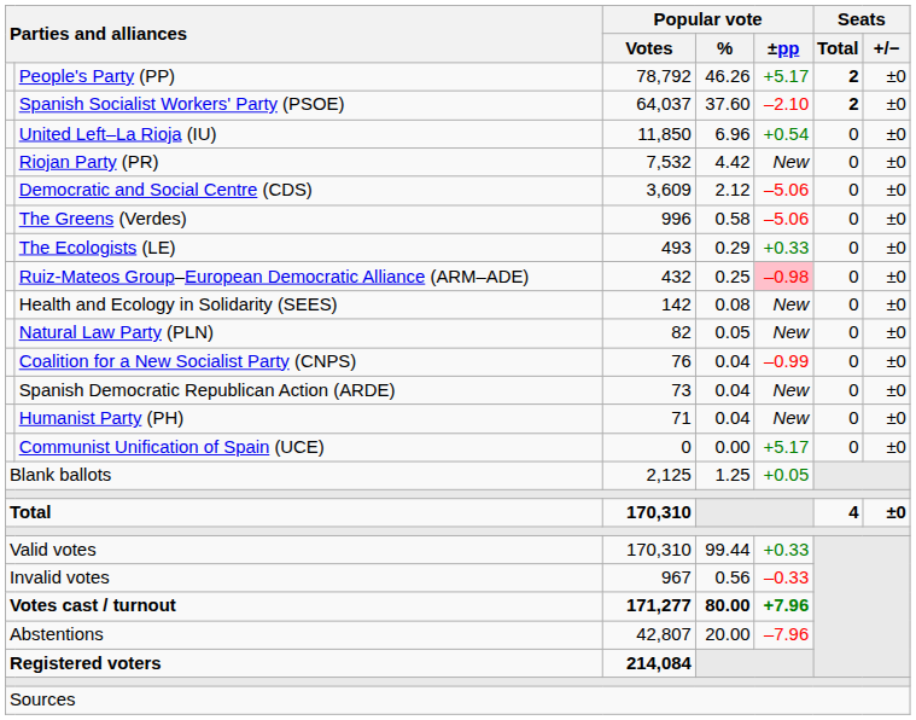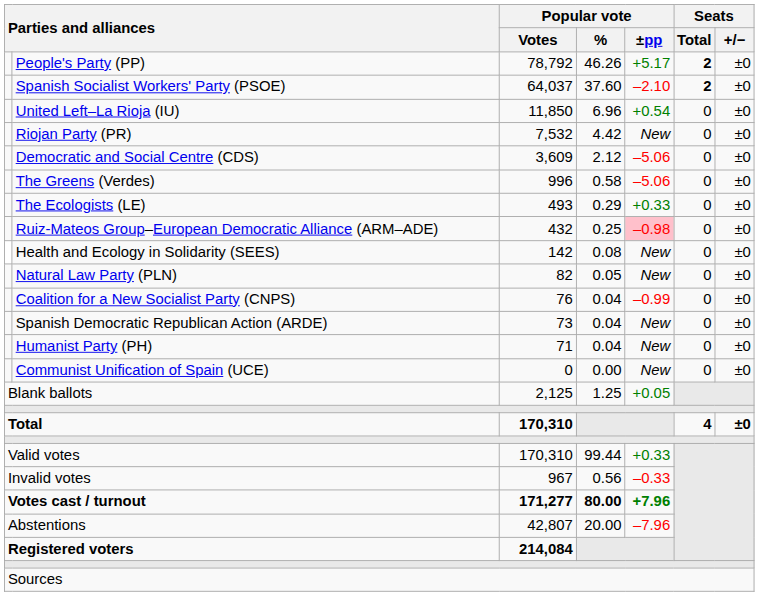 <table class="wikitable" style="text-align:right;">
 <tr>
 <th style="text-align:left;" rowspan="2" colspan="2" width="525">Parties and alliances</th>
 <th colspan="3">Popular vote</th>
 <th colspan="2">Seats</th>
 </tr>
 <tr>
 <th width="75">Votes</th>
 <th width="45">%</th>
 <th width="45">±<a href='#'>pp</a></th>
 <th width="35">Total</th>
 <th width="35">+/−</th>
 </tr>
 <tr>
 <td width="1" style="color:inherit;background:"></td>
 <td align="left"><a href='#'>People's Party</a> (PP)</td>
 <td>78,792</td>
 <td>46.26</td>
 <td style="color:green;">+5.17</td>
 <td><strong>2</strong></td>
 <td>±0</td>
 </tr>
 <tr>
 <td style="color:inherit;background:"></td>
 <td align="left"><a href='#'>Spanish Socialist Workers' Party</a> (PSOE)</td>
 <td>64,037</td>
 <td>37.60</td>
 <td style="color:red;">–2.10</td>
 <td><strong>2</strong></td>
 <td>±0</td>
 </tr>
 <tr>
 <td style="color:inherit;background:"></td>
 <td align="left"><a href='#'>United Left–La Rioja</a> (IU)</td>
 <td>11,850</td>
 <td>6.96</td>
 <td style="color:green;">+0.54</td>
 <td>0</td>
 <td>±0</td>
 </tr>
 <tr>
 <td style="color:inherit;background:"></td>
 <td align="left"><a href='#'>Riojan Party</a> (PR)</td>
 <td>7,532</td>
 <td>4.42</td>
 <td><em>New</em></td>
 <td>0</td>
 <td>±0</td>
 </tr>
 <tr>
 <td style="color:inherit;background:"></td>
 <td align="left"><a href='#'>Democratic and Social Centre</a> (CDS)</td>
 <td>3,609</td>
 <td>2.12</td>
 <td style="color:red;">–5.06</td>
 <td>0</td>
 <td>±0</td>
 </tr>
 <tr>
 <td style="color:inherit;background:"></td>
 <td align="left"><a href='#'>The Greens</a> (Verdes)</td>
 <td>996</td>
 <td>0.58</td>
 <td style="color:red;">–5.06</td>
 <td>0</td>
 <td>±0</td>
 </tr>
 <tr>
 <td style="color:inherit;background:"></td>
 <td align="left"><a href='#'>The Ecologists</a> (LE)</td>
 <td>493</td>
 <td>0.29</td>
 <td style="color:green;">+0.33</td>
 <td>0</td>
 <td>±0</td>
 </tr>
 <tr>
 <td style="color:inherit;background:"></td>
 <td align="left"><a href='#'>Ruiz-Mateos Group</a>–<a href='#'>European Democratic Alliance</a> (ARM–ADE)</td>
 <td>432</td>
 <td>0.25</td>
 <td style="background: pink; color:red;">–0.98</td>
 <td>0</td>
 <td>±0</td>
 </tr>
 <tr>
 <td bgcolor="white"></td>
 <td align="left">Health and Ecology in Solidarity (SEES)</td>
 <td>142</td>
 <td>0.08</td>
 <td><em>New</em></td>
 <td>0</td>
 <td>±0</td>
 </tr>
 <tr>
 <td style="color:inherit;background:"></td>
 <td align="left"><a href='#'>Natural Law Party</a> (PLN)</td>
 <td>82</td>
 <td>0.05</td>
 <td><em>New</em></td>
 <td>0</td>
 <td>±0</td>
 </tr>
 <tr>
 <td style="color:inherit;background:"></td>
 <td align="left"><a href='#'>Coalition for a New Socialist Party</a> (CNPS)</td>
 <td>76</td>
 <td>0.04</td>
 <td style="color:red;">–0.99</td>
 <td>0</td>
 <td>±0</td>
 </tr>
 <tr>
 <td style="color:inherit;background:"></td>
 <td align="left">Spanish Democratic Republican Action (ARDE)</td>
 <td>73</td>
 <td>0.04</td>
 <td><em>New</em></td>
 <td>0</td>
 <td>±0</td>
 </tr>
 <tr>
 <td style="color:inherit;background:"></td>
 <td align="left"><a href='#'>Humanist Party</a> (PH)</td>
 <td>71</td>
 <td>0.04</td>
 <td><em>New</em></td>
 <td>0</td>
 <td>±0</td>
 </tr>
 <tr>
 <td style="color:inherit;background:"></td>
 <td align="left"><a href='#'>Communist Unification of Spain</a> (UCE)</td>
 <td>0</td>
 <td>0.00</td>
-<td style="color:green;">+5.17</td>
+<td><em>New</em></td>
 <td>0</td>
 <td>±0</td>
 </tr>
 <tr>
 <td align="left" colspan="2">Blank ballots</td>
 <td>2,125</td>
 <td>1.25</td>
 <td style="color:green;">+0.05</td>
 <td bgcolor="#E9E9E9" colspan="2"></td>
 </tr>
 <tr>
 <td colspan="7" bgcolor="#E9E9E9"></td>
 </tr>
 <tr style="font-weight:bold;">
 <td align="left" colspan="2">Total</td>
 <td>170,310</td>
 <td bgcolor="#E9E9E9" colspan="2"></td>
 <td>4</td>
 <td>±0</td>
 </tr>
 <tr>
 <td colspan="7" bgcolor="#E9E9E9"></td>
 </tr>
 <tr>
 <td align="left" colspan="2">Valid votes</td>
 <td>170,310</td>
 <td>99.44</td>
 <td style="color:green;">+0.33</td>
 <td bgcolor="#E9E9E9" colspan="2" rowspan="5"></td>
 </tr>
 <tr>
 <td align="left" colspan="2">Invalid votes</td>
 <td>967</td>
 <td>0.56</td>
 <td style="color:red;">–0.33</td>
 </tr>
 <tr style="font-weight:bold;">
 <td align="left" colspan="2">Votes cast / turnout</td>
 <td>171,277</td>
 <td>80.00</td>
 <td style="color:green;">+7.96</td>
 </tr>
 <tr>
 <td align="left" colspan="2">Abstentions</td>
 <td>42,807</td>
 <td>20.00</td>
 <td style="color:red;">–7.96</td>
 </tr>
 <tr style="font-weight:bold;">
 <td align="left" colspan="2">Registered voters</td>
 <td>214,084</td>
 <td bgcolor="#E9E9E9" colspan="2"></td>
 </tr>
 <tr>
 <td colspan="7" bgcolor="#E9E9E9"></td>
 </tr>
 <tr>
 <td align="left" colspan="7">Sources</td>
 </tr>
 </table>
